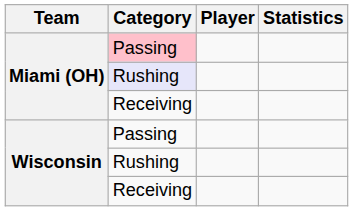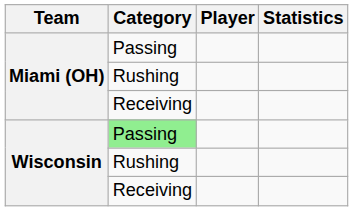 <table class="wikitable" style="float:right">
 <tr>
 <th>Team</th>
 <th>Category</th>
 <th>Player</th>
 <th>Statistics</th>
 </tr>
 <tr>
 <th rowspan=3>Miami (OH)</th>
-<td style="background: pink;">Passing</td>
-<td></td>
-<td></td>
-</tr>
-<tr>
-<td style="background: lavender;">Rushing</td>
-<td></td>
-<td></td>
-</tr>
-<tr>
-<td>Receiving</td>
-<td></td>
-<td></td>
-</tr>
-<tr>
-<th rowspan=3>Wisconsin</th>
 <td>Passing</td>
 <td></td>
 <td></td>
 </tr>
 <tr>
 <td>Rushing</td>
 <td></td>
 <td></td>
 </tr>
 <tr>
 <td>Receiving</td>
 <td></td>
 <td></td>
 </tr>
+<tr>
+<th rowspan=3>Wisconsin</th>
+<td style="background: lightgreen;">Passing</td>
+<td></td>
+<td></td>
+</tr>
+<tr>
+<td>Rushing</td>
+<td></td>
+<td></td>
+</tr>
+<tr>
+<td>Receiving</td>
+<td></td>
+<td></td>
+</tr>
 </table>
